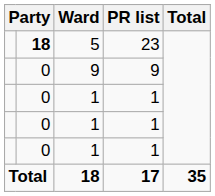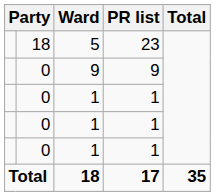 <table class=wikitable style="text-align:right">
 <tr>
 <th colspan=2>Party</th>
 <th>Ward</th>
 <th>PR list</th>
 <th>Total</th>
 </tr>
 <tr>
 <td></td>
-<td><strong>18</strong></td>
+<td>18</td>
 <td>5</td>
 <td>23</td>
 </tr>
 <tr>
 <td></td>
 <td>0</td>
 <td>9</td>
 <td>9</td>
 </tr>
 <tr>
 <td></td>
 <td>0</td>
 <td>1</td>
 <td>1</td>
 </tr>
 <tr>
 <td></td>
 <td>0</td>
 <td>1</td>
 <td>1</td>
 </tr>
 <tr>
 <td></td>
 <td>0</td>
 <td>1</td>
 <td>1</td>
 </tr>
 <tr>
 <td colspan="2" style="text-align:left"><strong>Total</strong></td>
 <td><strong>18</strong></td>
 <td><strong>17</strong></td>
 <td><strong>35</strong></td>
 </tr>
 </table>
